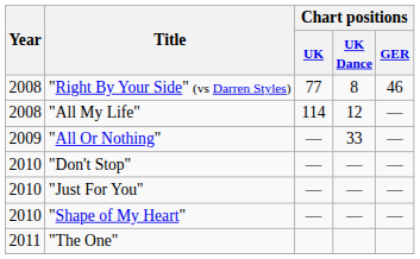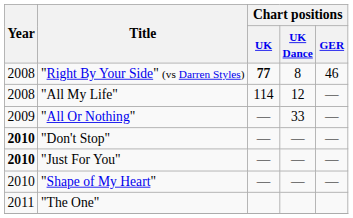 <table class="wikitable">
 <tr>
 <th rowspan="2">Year</th>
 <th rowspan="2">Title</th>
 <th colspan="12">Chart positions</th>
 </tr>
 <tr>
 <th width="30"><a href='#'><small>UK</small></a></th>
 <th width="30"><a href='#'><small>UK<br> Dance</small></a></th>
 <th width="30"><a href='#'><small>GER</small></a></th>
 </tr>
 <tr>
 <td align="left" rowspan="1">2008</td>
 <td align="left">"<a href='#'>Right By Your Side</a>" <small>(vs <a href='#'>Darren Styles</a>)</small></td>
-<td align="center">77</td>
+<td align="center"><strong>77</strong></td>
 <td align="center">8</td>
 <td align="center">46</td>
 </tr>
 <tr>
 <td align="left" rowspan="1">2008</td>
 <td align="left">"All My Life"</td>
 <td align="center">114</td>
 <td align="center">12</td>
 <td align="center">—</td>
 </tr>
 <tr>
 <td align="left" rowspan="1">2009</td>
 <td align="left">"<a href='#'>All Or Nothing</a>"</td>
 <td align="center">—</td>
 <td align="center">33</td>
 <td align="center">—</td>
 </tr>
 <tr>
-<td align="left" rowspan="1">2010</td>
+<td align="left" rowspan="1"><strong>2010</strong></td>
 <td align="left">"Don't Stop"</td>
 <td align="center">—</td>
 <td align="center">—</td>
 <td align="center">—</td>
 </tr>
 <tr>
-<td align="left" rowspan="1">2010</td>
+<td align="left" rowspan="1"><strong>2010</strong></td>
 <td align="left">"Just For You"</td>
 <td align="center">—</td>
 <td align="center">—</td>
 <td align="center">—</td>
 </tr>
 <tr>
 <td align="left" rowspan="1">2010</td>
 <td align="left">"<a href='#'>Shape of My Heart</a>"</td>
 <td align="center">—</td>
 <td align="center">—</td>
 <td align="center">—</td>
 </tr>
 <tr>
 <td align="left" rowspan="1">2011</td>
 <td align="left">"The One" <small></small></td>
 <td align="center"></td>
 <td align="center"></td>
 <td align="center"></td>
 </tr>
 <tr>
 </tr>
 </table>
